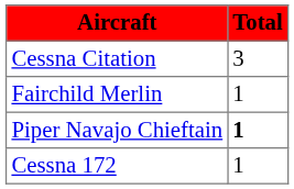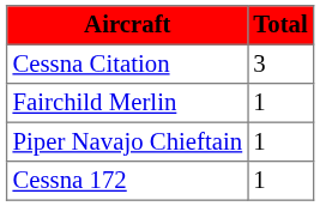 <table class="toccolours" border="1" cellpadding="3" style="margin:1em auto; border-collapse:collapse">
 <tr style="background:red;">
 <th><span>Aircraft</span></th>
 <th><span>Total</span></th>
 </tr>
 <tr>
 <td><a href='#'>Cessna Citation</a></td>
 <td>3</td>
 </tr>
 <tr>
 <td><a href='#'>Fairchild Merlin</a></td>
 <td>1</td>
 </tr>
 <tr>
 <td><a href='#'>Piper Navajo Chieftain</a></td>
-<td><strong>1</strong></td>
+<td>1</td>
 </tr>
 <tr>
 <td><a href='#'>Cessna 172</a></td>
 <td>1</td>
 </tr>
 </table>
